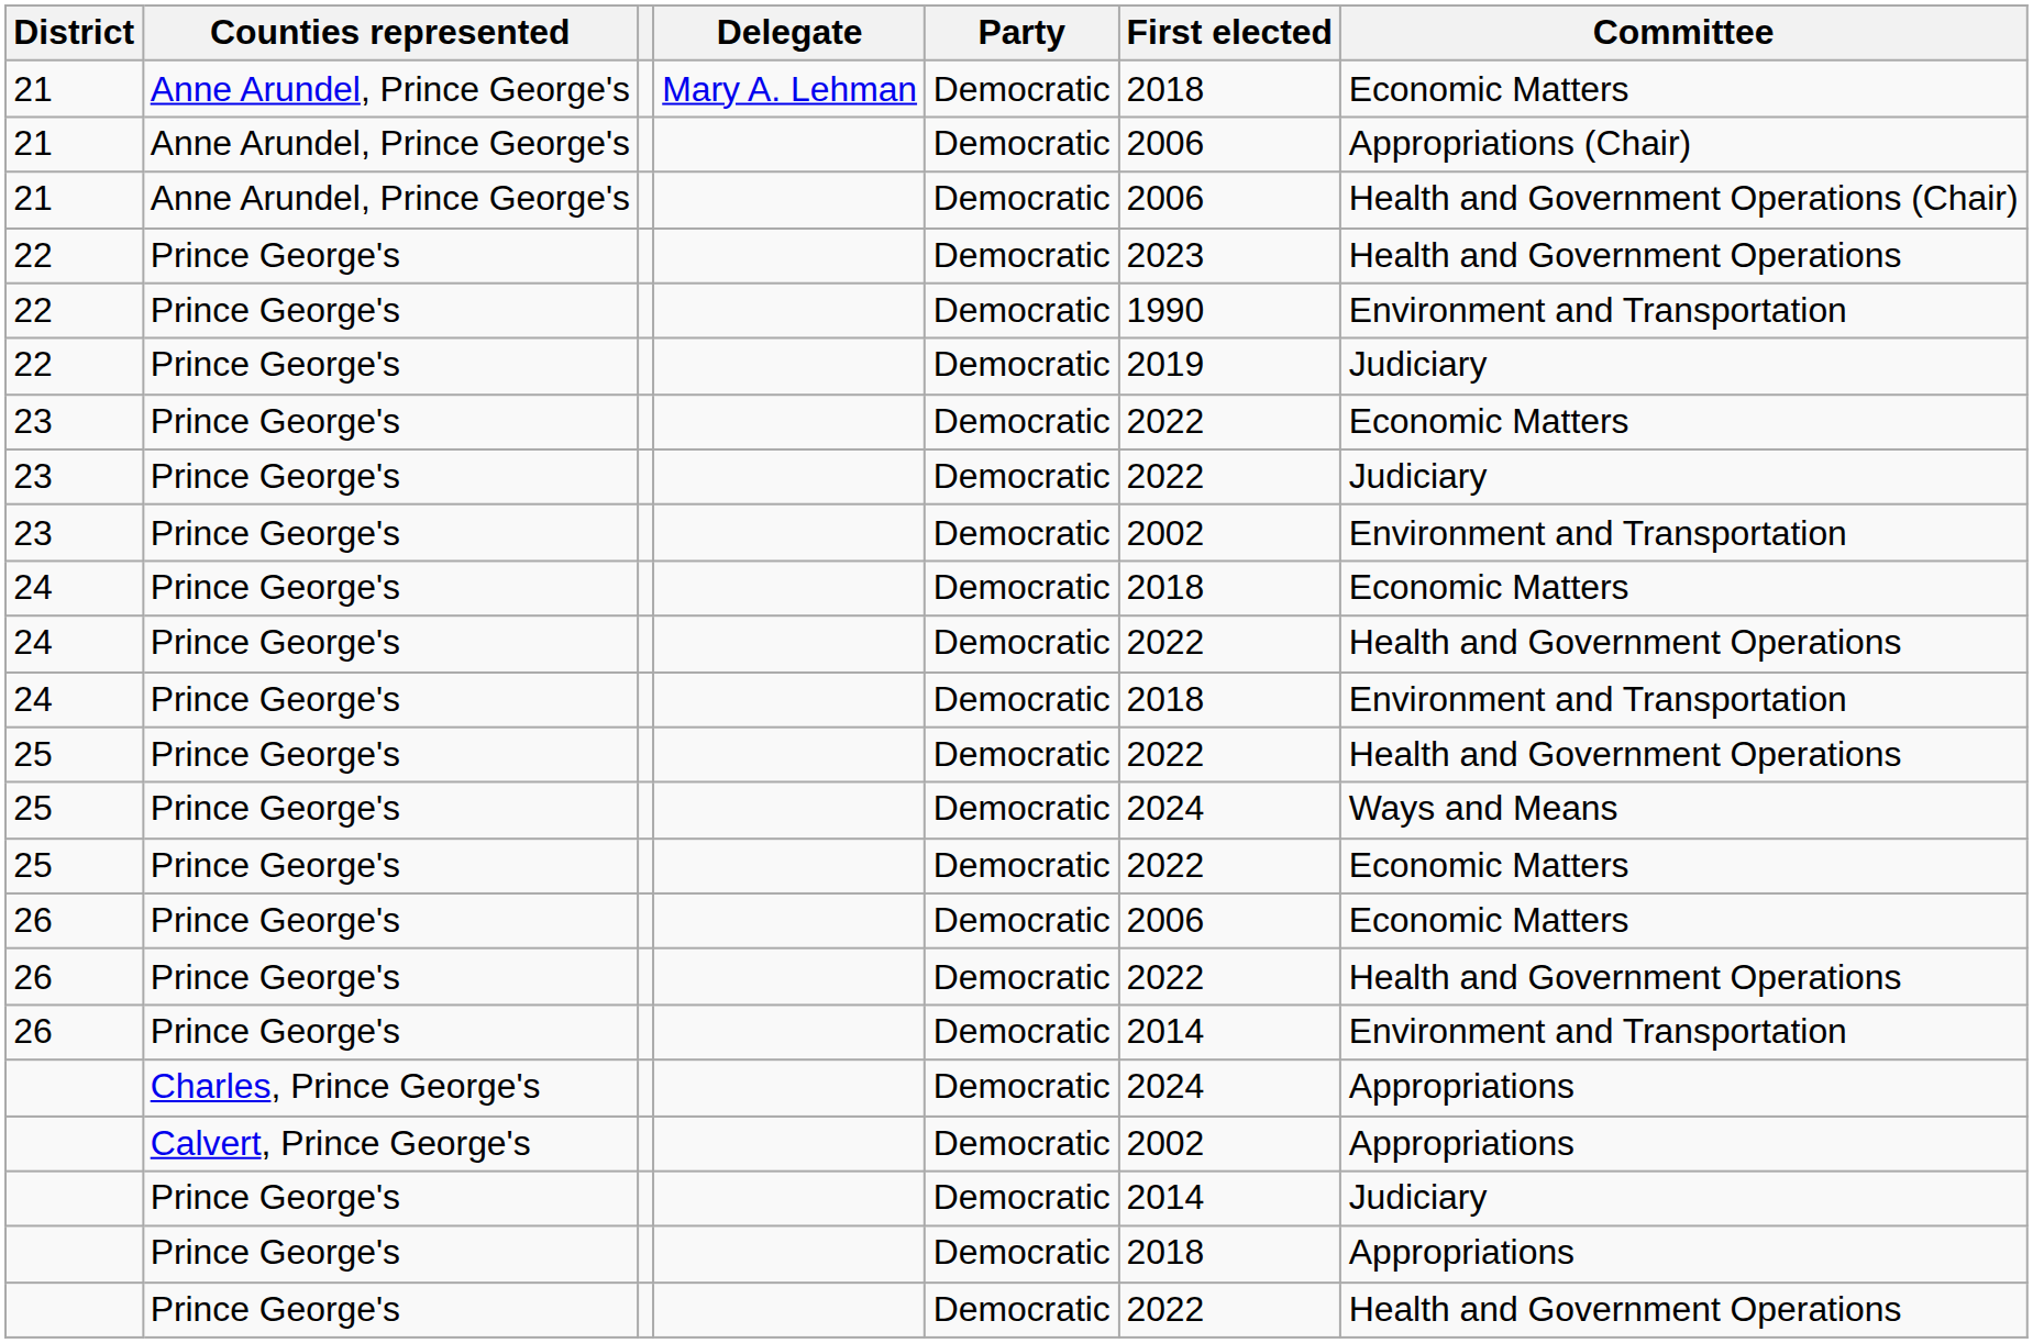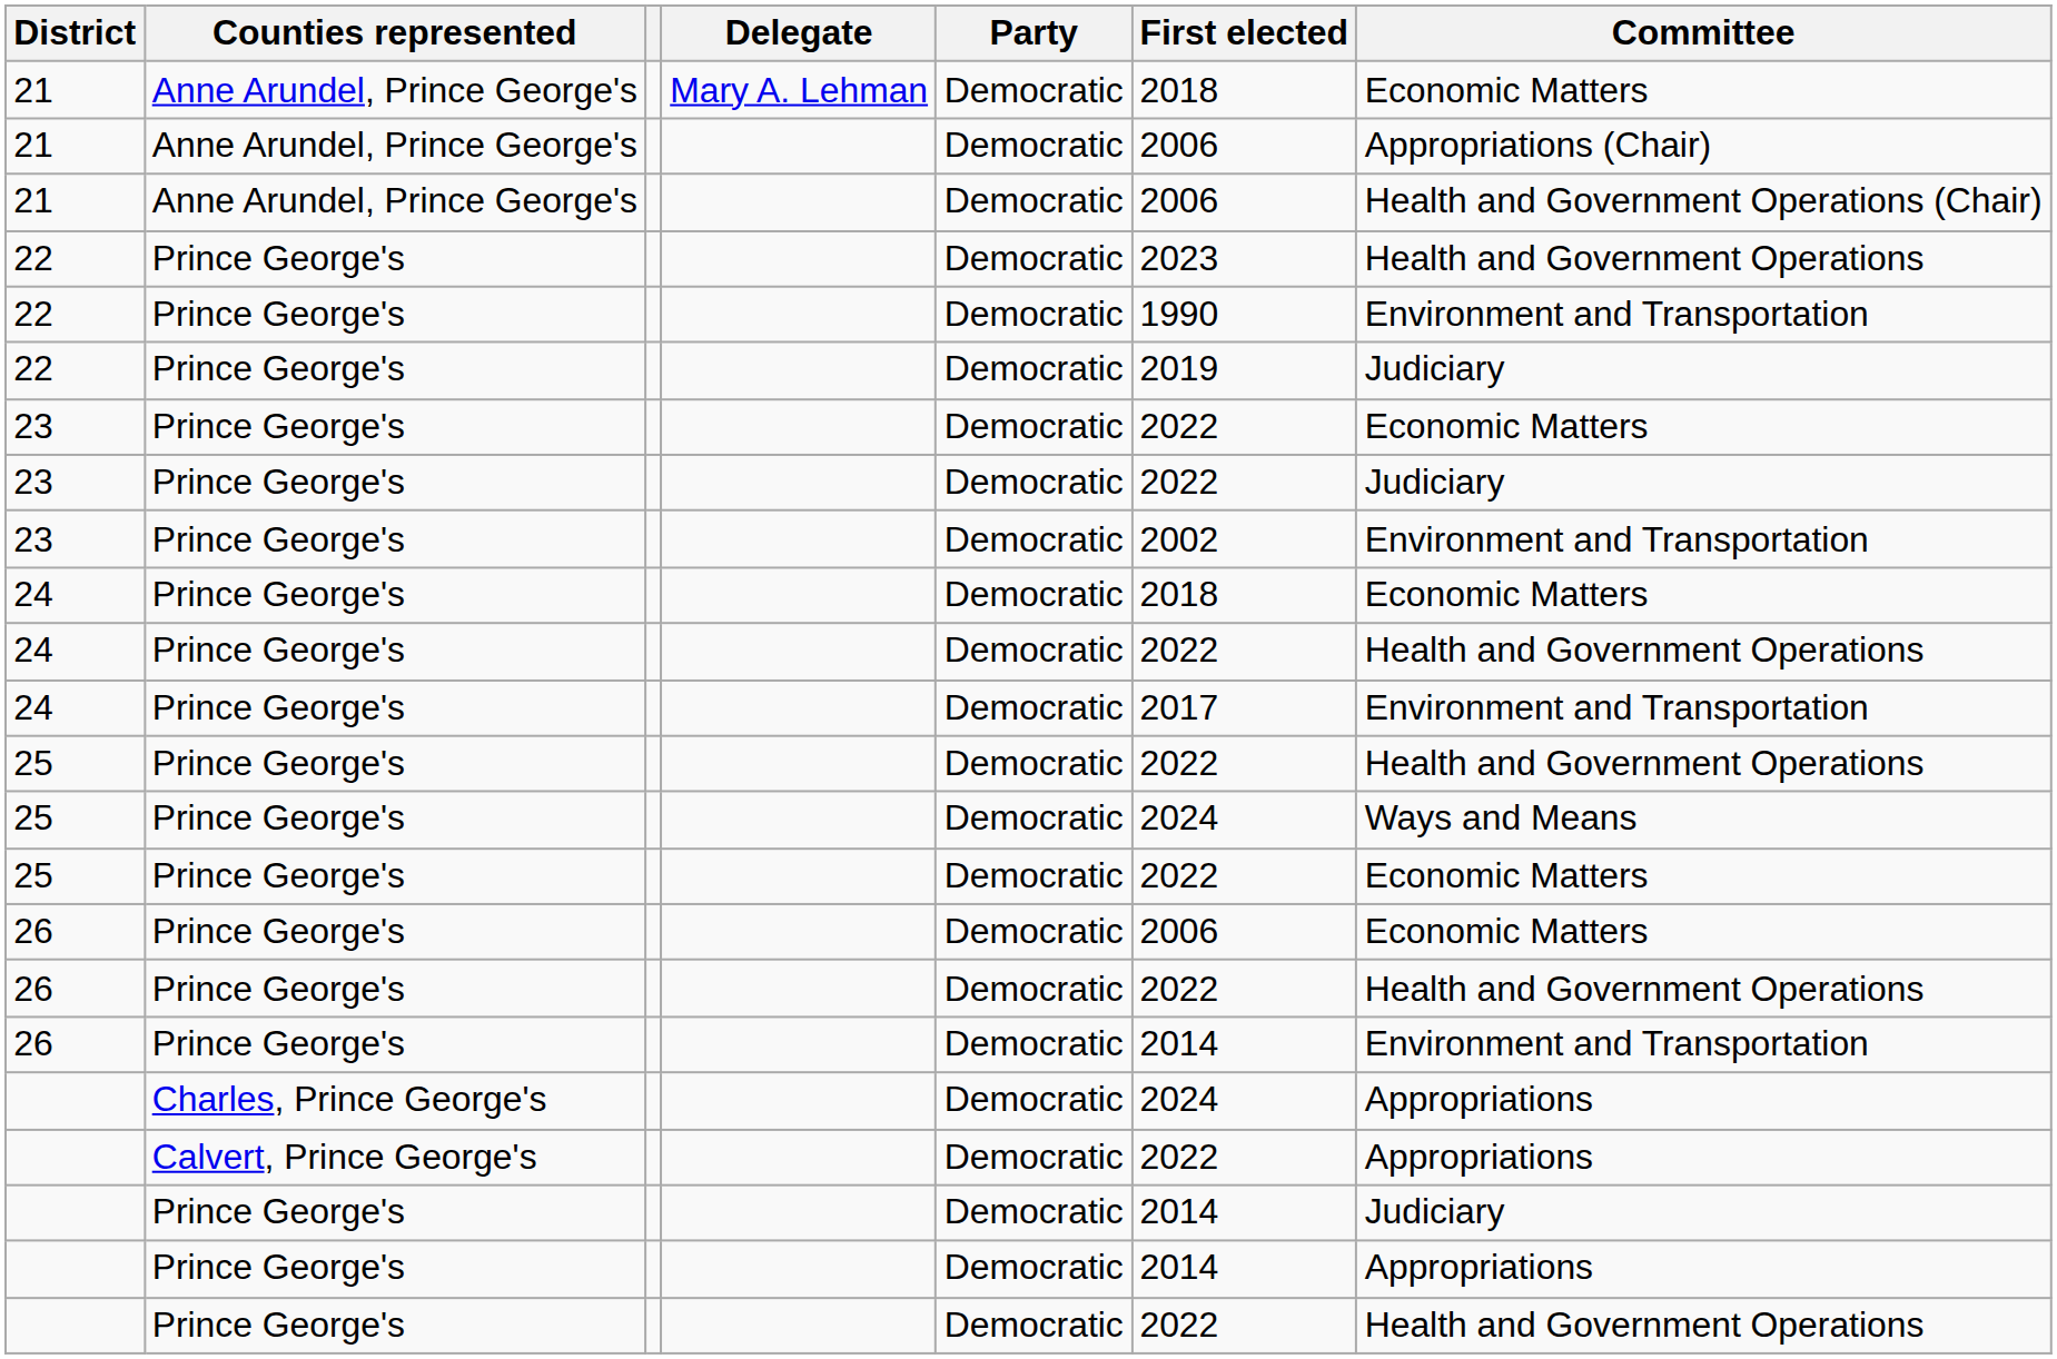 <table class="sortable wikitable sticky-header">
 <tr>
 <th>District</th>
 <th>Counties represented</th>
 <th class=unsortable></th>
 <th>Delegate</th>
 <th>Party</th>
 <th>First elected</th>
 <th>Committee</th>
 </tr>
 <tr>
 <td>21</td>
 <td><a href='#'>Anne Arundel</a>, Prince George's</td>
 <td></td>
 <td><a href='#'>Mary A. Lehman</a></td>
 <td>Democratic</td>
 <td>2018</td>
 <td>Economic Matters</td>
 </tr>
 <tr>
 <td>21</td>
 <td>Anne Arundel, Prince George's</td>
 <td></td>
 <td></td>
 <td>Democratic</td>
 <td>2006</td>
 <td>Appropriations (Chair)</td>
 </tr>
 <tr>
 <td>21</td>
 <td>Anne Arundel, Prince George's</td>
 <td></td>
 <td></td>
 <td>Democratic</td>
 <td>2006</td>
 <td>Health and Government Operations (Chair)</td>
 </tr>
 <tr>
 <td>22</td>
 <td>Prince George's</td>
 <td></td>
 <td></td>
 <td>Democratic</td>
 <td>2023 </td>
 <td>Health and Government Operations</td>
 </tr>
 <tr>
 <td>22</td>
 <td>Prince George's</td>
 <td></td>
 <td></td>
 <td>Democratic</td>
 <td>1990</td>
 <td>Environment and Transportation</td>
 </tr>
 <tr>
 <td>22</td>
 <td>Prince George's</td>
 <td></td>
 <td></td>
 <td>Democratic</td>
 <td>2019 </td>
 <td>Judiciary</td>
 </tr>
 <tr>
 <td>23</td>
 <td>Prince George's</td>
 <td></td>
 <td></td>
 <td>Democratic</td>
 <td>2022</td>
 <td>Economic Matters</td>
 </tr>
 <tr>
 <td>23</td>
 <td>Prince George's</td>
 <td></td>
 <td></td>
 <td>Democratic</td>
 <td>2022</td>
 <td>Judiciary</td>
 </tr>
 <tr>
 <td>23</td>
 <td>Prince George's</td>
 <td></td>
 <td></td>
 <td>Democratic</td>
 <td>2002</td>
 <td>Environment and Transportation</td>
 </tr>
 <tr>
 <td>24</td>
 <td>Prince George's</td>
 <td></td>
 <td></td>
 <td>Democratic</td>
 <td>2018</td>
 <td>Economic Matters</td>
 </tr>
 <tr>
 <td>24</td>
 <td>Prince George's</td>
 <td></td>
 <td></td>
 <td>Democratic</td>
 <td>2022</td>
 <td>Health and Government Operations</td>
 </tr>
 <tr>
 <td>24</td>
 <td>Prince George's</td>
 <td></td>
 <td></td>
 <td>Democratic</td>
-<td>2018 </td>
+<td>2017 </td>
 <td>Environment and Transportation</td>
 </tr>
 <tr>
 <td>25</td>
 <td>Prince George's</td>
 <td></td>
 <td></td>
 <td>Democratic</td>
 <td>2022 </td>
 <td>Health and Government Operations</td>
 </tr>
 <tr>
 <td>25</td>
 <td>Prince George's</td>
 <td></td>
 <td></td>
 <td>Democratic</td>
 <td>2024 </td>
 <td>Ways and Means</td>
 </tr>
 <tr>
 <td>25</td>
 <td>Prince George's</td>
 <td></td>
 <td></td>
 <td>Democratic</td>
 <td>2022 </td>
 <td>Economic Matters</td>
 </tr>
 <tr>
 <td>26</td>
 <td>Prince George's</td>
 <td></td>
 <td></td>
 <td>Democratic</td>
 <td>2006</td>
 <td>Economic Matters</td>
 </tr>
 <tr>
 <td>26</td>
 <td>Prince George's</td>
 <td></td>
 <td></td>
 <td>Democratic</td>
 <td>2022</td>
 <td>Health and Government Operations</td>
 </tr>
 <tr>
 <td>26</td>
 <td>Prince George's</td>
 <td></td>
 <td></td>
 <td>Democratic</td>
 <td>2014</td>
 <td>Environment and Transportation</td>
 </tr>
 <tr>
 <td></td>
 <td><a href='#'>Charles</a>, Prince George's</td>
 <td></td>
 <td></td>
 <td>Democratic</td>
 <td>2024</td>
 <td>Appropriations</td>
 </tr>
 <tr>
 <td></td>
 <td><a href='#'>Calvert</a>, Prince George's</td>
 <td></td>
 <td></td>
 <td>Democratic</td>
-<td>2002</td>
+<td>2022</td>
 <td>Appropriations</td>
 </tr>
 <tr>
 <td></td>
 <td>Prince George's</td>
 <td></td>
 <td></td>
 <td>Democratic</td>
 <td>2014</td>
 <td>Judiciary</td>
 </tr>
 <tr>
 <td></td>
 <td>Prince George's</td>
 <td></td>
 <td></td>
 <td>Democratic</td>
-<td>2018</td>
+<td>2014</td>
 <td>Appropriations</td>
 </tr>
 <tr>
 <td></td>
 <td>Prince George's</td>
 <td></td>
 <td></td>
 <td>Democratic</td>
 <td>2022</td>
 <td>Health and Government Operations</td>
 </tr>
 </table>
